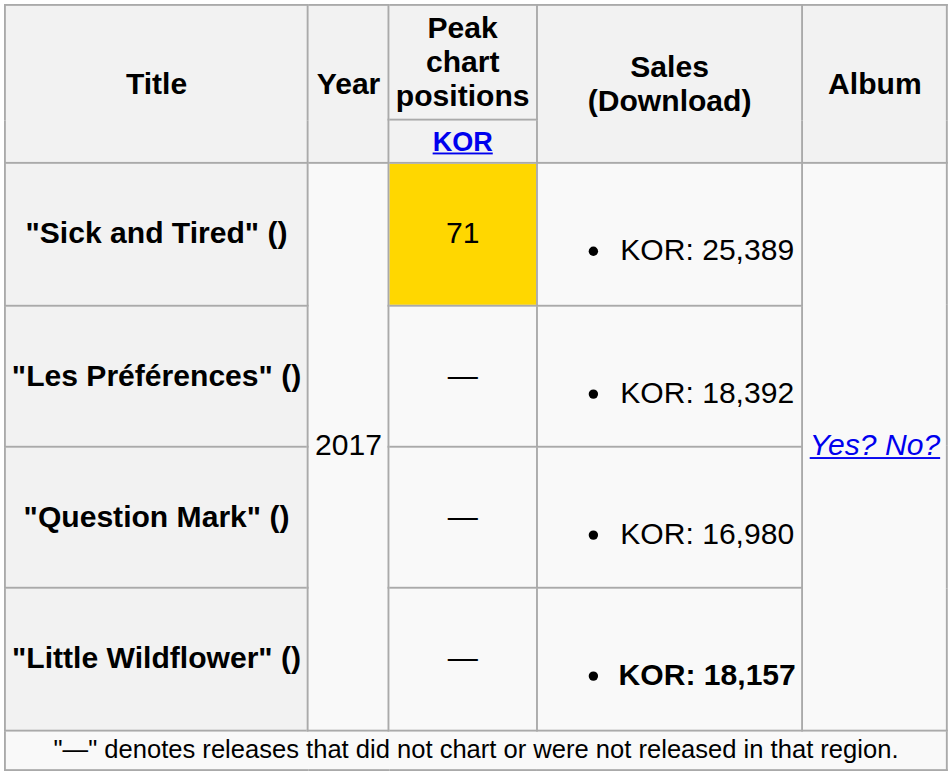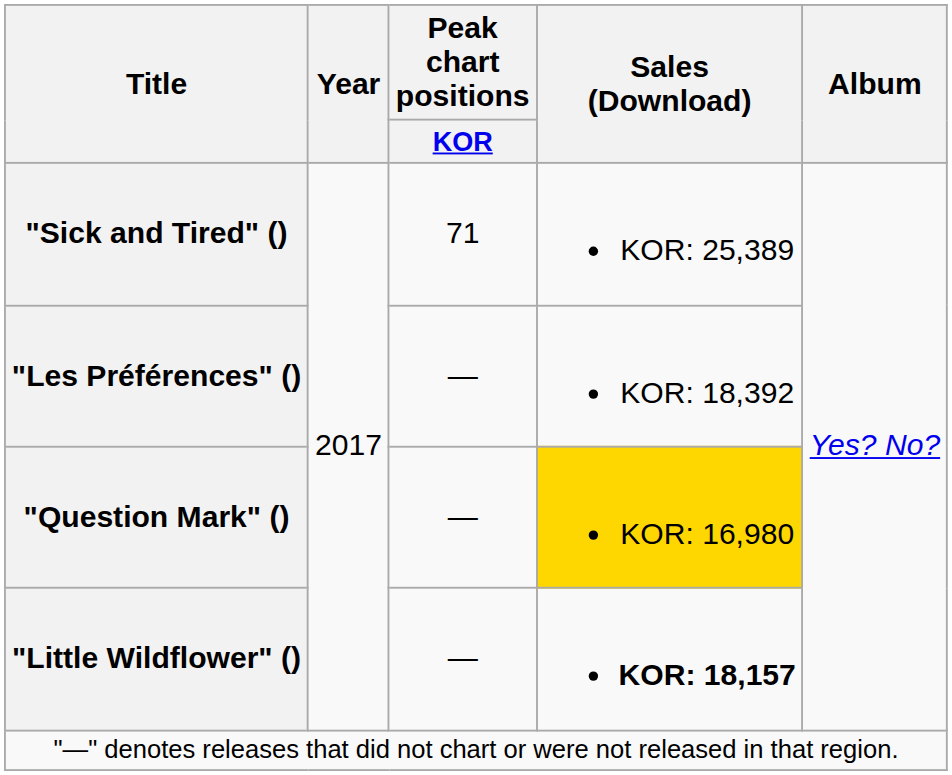 <table class="wikitable plainrowheaders" style="text-align:center;">
 <tr>
 <th scope="col" rowspan="2">Title</th>
 <th scope="col" rowspan="2">Year</th>
 <th scope="col">Peak chart positions</th>
 <th scope="col" rowspan="2">Sales<br>(Download)</th>
 <th scope="col" rowspan="2">Album</th>
 </tr>
 <tr>
 <th scope="col" style="width:3em;font-size:90%;"><a href='#'>KOR</a><br></th>
 </tr>
 <tr>
 <th scope="row">"Sick and Tired" ()<br></th>
 <td rowspan="4">2017</td>
-<td style="background: gold;">71</td>
+<td>71</td>
 <td><br><ul><li>KOR: 25,389</li></ul></td>
 <td rowspan="4"><em><a href='#'>Yes? No?</a></em></td>
 </tr>
 <tr>
 <th scope="row">"Les Préférences" ()</th>
 <td>—</td>
 <td><br><ul><li>KOR: 18,392</li></ul></td>
 </tr>
 <tr>
 <th scope="row">"Question Mark" ()</th>
 <td>—</td>
-<td><br><ul><li>KOR: 16,980</li></ul></td>
+<td style="background: gold;"><br><ul><li>KOR: 16,980</li></ul></td>
 </tr>
 <tr>
 <th scope="row">"Little Wildflower" ()</th>
 <td>—</td>
 <td><strong><br><ul><li>KOR: 18,157</li></ul></strong></td>
 </tr>
 <tr>
 <td colspan="5" style="font-size:85%">"—" denotes releases that did not chart or were not released in that region.</td>
 </tr>
 </table>
